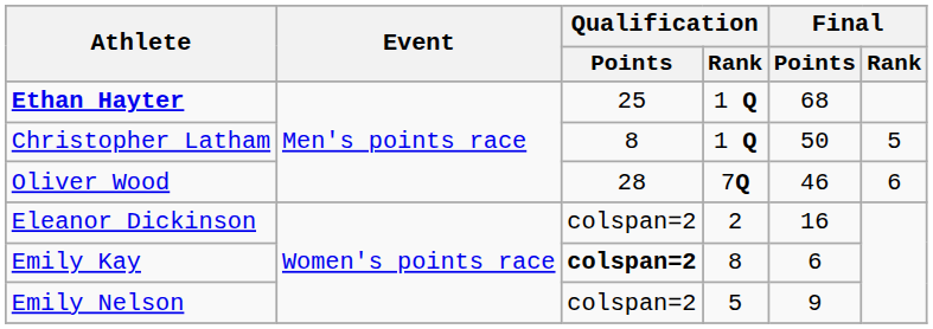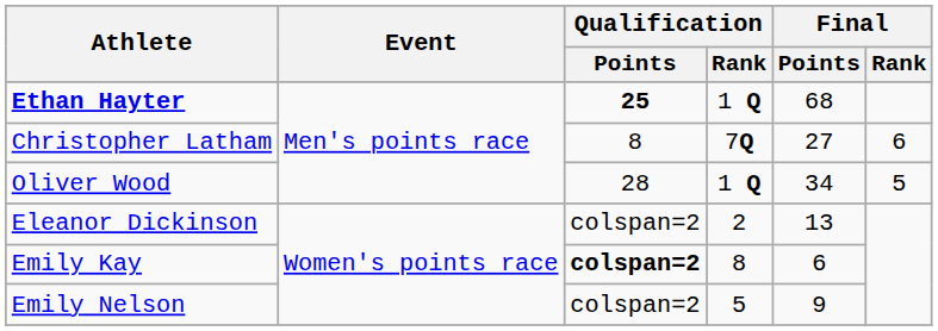 <table class="wikitable" style="font-size:90%;">
 <tr>
 <th rowspan=2>Athlete</th>
 <th rowspan=2>Event</th>
 <th colspan=2>Qualification</th>
 <th colspan=2>Final</th>
 </tr>
 <tr style="font-size:95%">
 <th>Points</th>
 <th>Rank</th>
 <th>Points</th>
 <th>Rank</th>
 </tr>
 <tr align=center>
 <td align=left><strong><a href='#'>Ethan Hayter</a></strong></td>
 <td align=left rowspan=3><a href='#'>Men's points race</a></td>
-<td>25</td>
+<td><strong>25</strong></td>
 <td>1 <strong>Q</strong></td>
 <td>68</td>
 <td></td>
 </tr>
 <tr align=center>
 <td align=left><a href='#'>Christopher Latham</a></td>
 <td>8</td>
-<td>1 <strong>Q</strong></td>
-<td>50</td>
-<td>5</td>
+<td>7<strong>Q</strong></td>
+<td>27</td>
+<td>6</td>
 </tr>
 <tr align=center>
 <td align=left><a href='#'>Oliver Wood</a></td>
 <td>28</td>
-<td>7<strong>Q</strong></td>
-<td>46</td>
-<td>6</td>
+<td>1 <strong>Q</strong></td>
+<td>34</td>
+<td>5</td>
 </tr>
 <tr align=center>
 <td align=left><a href='#'>Eleanor Dickinson</a></td>
 <td align=left rowspan=3><a href='#'>Women's points race</a></td>
 <td>colspan=2 </td>
 <td>2</td>
-<td>16</td>
+<td>13</td>
 </tr>
 <tr align=center>
 <td align=left><a href='#'>Emily Kay</a></td>
 <td><strong>colspan=2 </strong></td>
 <td>8</td>
 <td>6</td>
 </tr>
 <tr align=center>
 <td align=left><a href='#'>Emily Nelson</a></td>
 <td>colspan=2 </td>
 <td>5</td>
 <td>9</td>
 </tr>
 </table>
